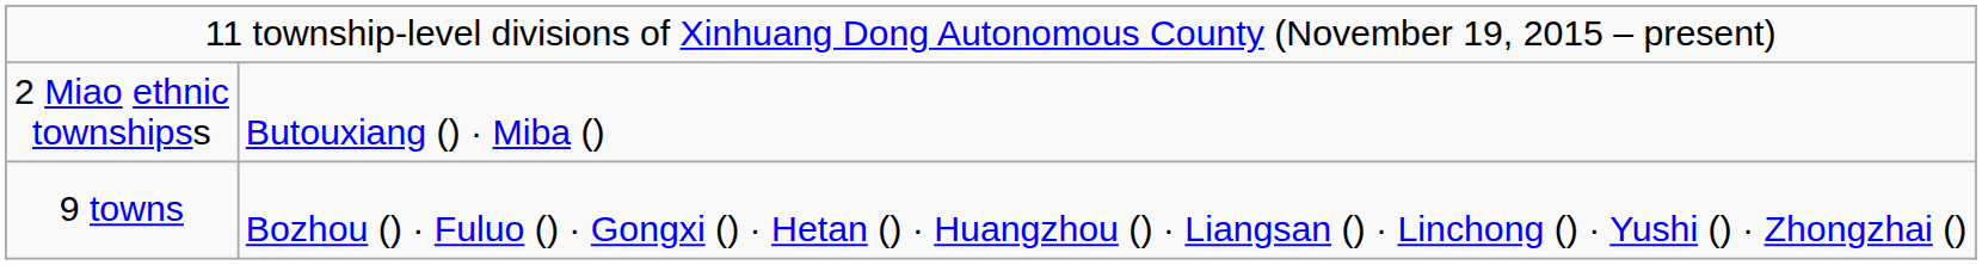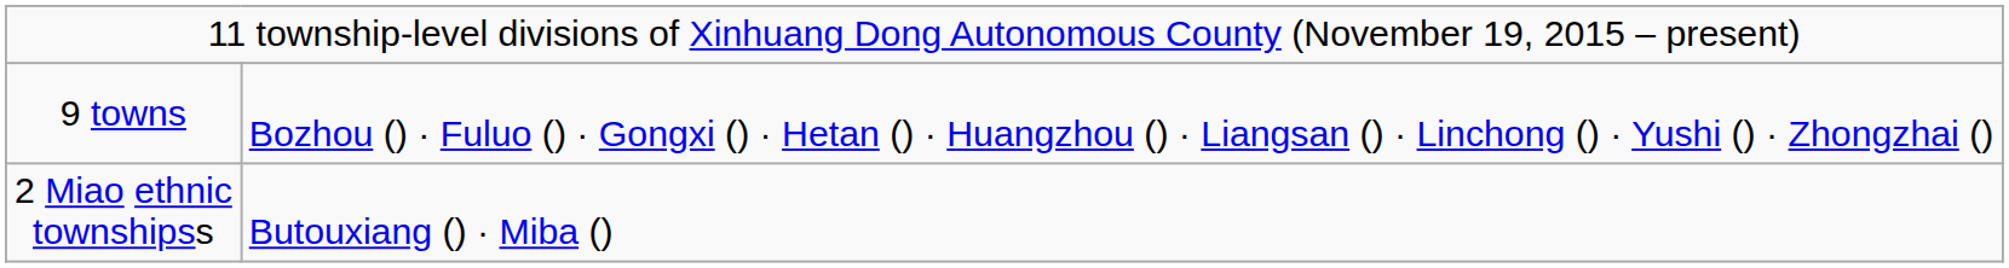 <table class="wikitable">
 <tr>
 <td style="text-align:center;" colspan="2">11 township-level divisions of <a href='#'>Xinhuang Dong Autonomous County</a> (November 19, 2015 – present)</td>
 </tr>
 <tr align=left>
+<td align=center>9 <a href='#'>towns</a></td>
+<td><br><a href='#'>Bozhou</a> () · <a href='#'>Fuluo</a> () · <a href='#'>Gongxi</a> () · <a href='#'>Hetan</a> () · <a href='#'>Huangzhou</a> () · <a href='#'>Liangsan</a> () · <a href='#'>Linchong</a> () · <a href='#'>Yushi</a> () · <a href='#'>Zhongzhai</a> ()</td>
+</tr>
+<tr align=left>
 <td align=center>2 <a href='#'>Miao</a> <a href='#'>ethnic <br>townships</a>s</td>
 <td><br><a href='#'>Butouxiang</a> () · <a href='#'>Miba</a> ()</td>
 </tr>
-<tr align=left>
-<td align=center>9 <a href='#'>towns</a></td>
-<td><br><a href='#'>Bozhou</a> () · <a href='#'>Fuluo</a> () · <a href='#'>Gongxi</a> () · <a href='#'>Hetan</a> () · <a href='#'>Huangzhou</a> () · <a href='#'>Liangsan</a> () · <a href='#'>Linchong</a> () · <a href='#'>Yushi</a> () · <a href='#'>Zhongzhai</a> ()</td>
-</tr>
 </table>
